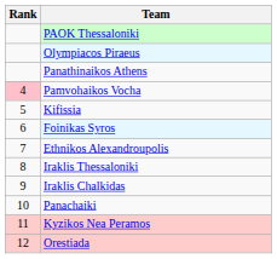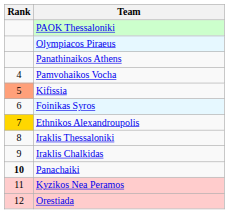 <table class="wikitable" style="text-align: center;">
 <tr>
 <th width=40>Rank</th>
 <th width=300>Team</th>
 </tr>
 <tr>
 <td></td>
 <td align=left bgcolor=#ccffcc><a href='#'>PAOK Thessaloniki</a></td>
 </tr>
 <tr>
 <td></td>
 <td align=left bgcolor=#e6f8ff><a href='#'>Olympiacos Piraeus</a></td>
 </tr>
 <tr>
 <td></td>
 <td align=left bgcolor=><a href='#'>Panathinaikos Athens</a></td>
 </tr>
 <tr>
-<td style="background: pink;">4</td>
+<td>4</td>
 <td align="left"><a href='#'>Pamvohaikos Vocha</a></td>
 </tr>
 <tr>
-<td>5</td>
+<td style="background: lightsalmon;">5</td>
 <td align="left"><a href='#'>Kifissia</a></td>
 </tr>
 <tr>
 <td>6</td>
 <td align="left" bgcolor=#e6f8ff><a href='#'>Foinikas Syros</a></td>
 </tr>
 <tr>
-<td>7</td>
+<td style="background: gold;">7</td>
 <td align="left"><a href='#'>Ethnikos Alexandroupolis</a></td>
 </tr>
 <tr>
 <td>8</td>
 <td align="left"><a href='#'>Iraklis Thessaloniki</a></td>
 </tr>
 <tr>
 <td>9</td>
 <td align="left"><a href='#'>Iraklis Chalkidas</a></td>
 </tr>
 <tr>
-<td>10</td>
+<td><strong>10</strong></td>
 <td align="left"><a href='#'>Panachaiki</a></td>
 </tr>
 <tr bgcolor="FFCCCC">
 <td>11</td>
 <td align="left"><a href='#'>Kyzikos Nea Peramos</a></td>
 </tr>
 <tr bgcolor="FFCCCC">
 <td>12</td>
 <td align="left"><a href='#'>Orestiada</a></td>
 </tr>
 </table>
